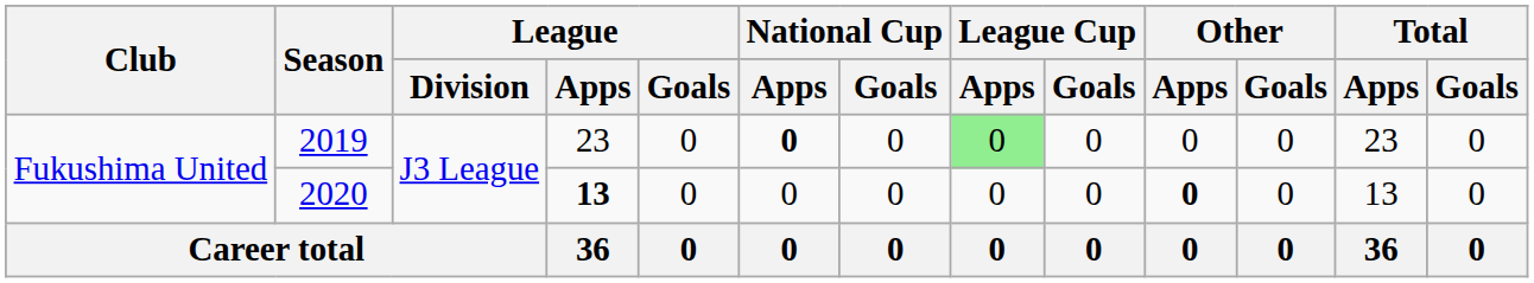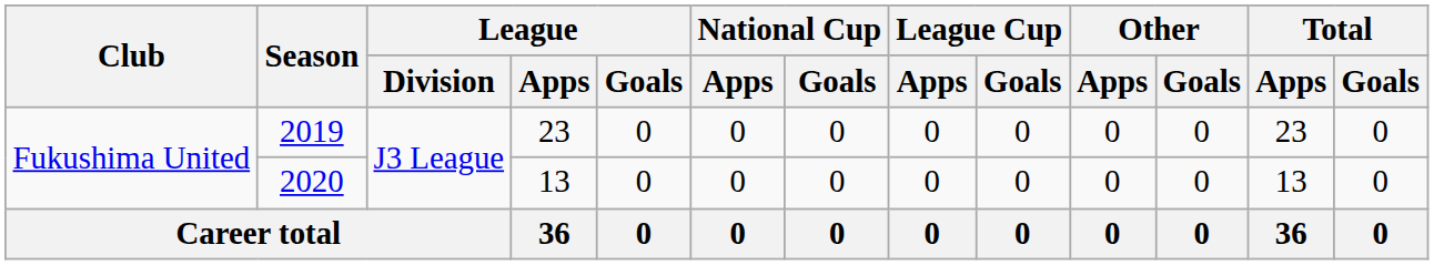 <table class="wikitable" style="text-align: center">
 <tr>
 <th rowspan="2">Club</th>
 <th rowspan="2">Season</th>
 <th colspan="3">League</th>
 <th colspan="2">National Cup</th>
 <th colspan="2">League Cup</th>
 <th colspan="2">Other</th>
 <th colspan="2">Total</th>
 </tr>
 <tr>
 <th>Division</th>
 <th>Apps</th>
 <th>Goals</th>
 <th>Apps</th>
 <th>Goals</th>
 <th>Apps</th>
 <th>Goals</th>
 <th>Apps</th>
 <th>Goals</th>
 <th>Apps</th>
 <th>Goals</th>
 </tr>
 <tr>
 <td rowspan="2"><a href='#'>Fukushima United</a></td>
 <td><a href='#'>2019</a></td>
 <td rowspan="2"><a href='#'>J3 League</a></td>
 <td>23</td>
 <td>0</td>
-<td><strong>0</strong></td>
 <td>0</td>
-<td style="background: lightgreen;">0</td>
+<td>0</td>
+<td>0</td>
 <td>0</td>
 <td>0</td>
 <td>0</td>
 <td>23</td>
 <td>0</td>
 </tr>
 <tr>
 <td><a href='#'>2020</a></td>
-<td><strong>13</strong></td>
+<td>13</td>
 <td>0</td>
 <td>0</td>
 <td>0</td>
 <td>0</td>
 <td>0</td>
-<td><strong>0</strong></td>
+<td>0</td>
 <td>0</td>
 <td>13</td>
 <td>0</td>
 </tr>
 <tr>
 <th colspan=3>Career total</th>
 <th>36</th>
 <th>0</th>
 <th>0</th>
 <th>0</th>
 <th>0</th>
 <th>0</th>
 <th>0</th>
 <th>0</th>
 <th>36</th>
 <th>0</th>
 </tr>
 </table>
